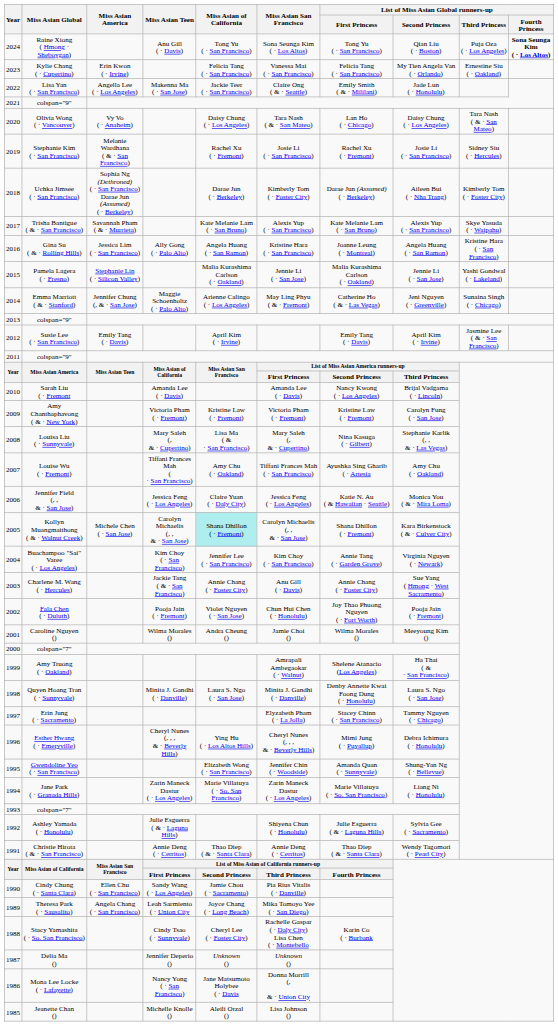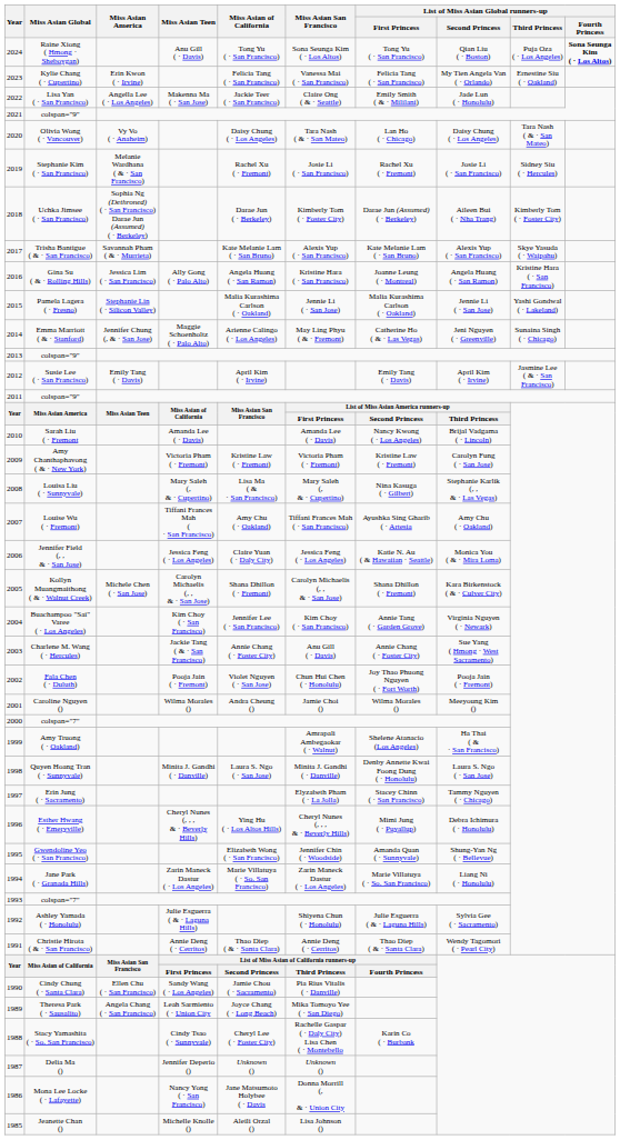 <table class="wikitable sortable" style="font-size: 70%; text-align:center">
 <tr>
 <th rowspan="2">Year</th>
 <th rowspan="2">Miss Asian Global</th>
 <th rowspan="2">Miss Asian America</th>
 <th rowspan="2">Miss Asian Teen</th>
 <th rowspan="2">Miss Asian of California</th>
 <th rowspan="2">Miss Asian San Francisco</th>
 <th colspan="4">List of Miss Asian Global runners-up</th>
 </tr>
 <tr>
 <th>First Princess</th>
 <th>Second Princess</th>
 <th>Third Princess</th>
 <th>Fourth Princess</th>
 </tr>
 <tr>
 <td>2024</td>
 <td>Raine Xiong<br>(<strong></strong> <a href='#'>Hmong</a> · <a href='#'>Sheboygan</a>)</td>
 <td></td>
 <td>Anu Gill<br>( · <a href='#'>Davis</a>)</td>
 <td>Tong Yu<br>( · <a href='#'>San Francisco</a>)</td>
 <td>Sona Seunga Kim<br>( · <a href='#'>Los Altos</a>)</td>
 <td>Tong Yu<br>( · <a href='#'>San Francisco</a>)</td>
 <td>Qian Liu<br>( · <a href='#'>Boston</a>)</td>
 <td>Puja Oza<br>( · <a href='#'>Los Angeles</a>)</td>
 <td><strong>Sona Seunga Kim<br>( · <a href='#'>Los Altos</a>)</strong></td>
 </tr>
 <tr>
 <td>2023</td>
 <td>Kylie Chang<br>( · <a href='#'>Cupertino</a>)</td>
 <td>Erin Kwon<br>( · <a href='#'>Irvine</a>)</td>
 <td></td>
 <td>Felicia Tang<br>( · <a href='#'>San Francisco</a>)</td>
 <td>Vanessa Mai<br>( · <a href='#'>San Francisco</a>)</td>
 <td>Felicia Tang<br>( · <a href='#'>San Francisco</a>)</td>
 <td>My Tien Angela Van<br>( · <a href='#'>Orlando</a>)</td>
 <td>Ernestine Siu<br>( · <a href='#'>Oakland</a>)</td>
 <td></td>
 </tr>
 <tr>
 <td>2022</td>
 <td>Lisa Yan<br>( · <a href='#'>San Francisco</a>)</td>
 <td>Angella Lee<br>( · <a href='#'>Los Angeles</a>)</td>
 <td>Makenna Ma<br>( · <a href='#'>San Jose</a>)</td>
 <td>Jackie Teer<br>( · <a href='#'>San Francisco</a>)</td>
 <td>Claire Ong<br>( &  · <a href='#'>Seattle</a>)</td>
 <td>Emily Smith<br>( &  · <a href='#'>Mililani</a>)</td>
 <td>Jade Lun<br>( · <a href='#'>Honolulu</a>)</td>
 <td></td>
 </tr>
 <tr>
 <td>2021</td>
 <td>colspan="9" </td>
 </tr>
 <tr>
 <td>2020</td>
 <td>Olivia Wong<br>( · <a href='#'>Vancouver</a>)</td>
 <td>Vy Vo<br>( · <a href='#'>Anaheim</a>)</td>
 <td></td>
 <td>Daisy Chung<br>( · <a href='#'>Los Angeles</a>)</td>
 <td>Tara Nash<br>( &  · <a href='#'>San Mateo</a>)</td>
 <td>Lan Ho<br>( · <a href='#'>Chicago</a>)</td>
 <td>Daisy Chung<br>( · <a href='#'>Los Angeles</a>)</td>
 <td>Tara Nash<br>( &  · <a href='#'>San Mateo</a>)</td>
 <td></td>
 </tr>
 <tr>
 <td>2019</td>
 <td>Stephanie Kim<br>( · <a href='#'>San Francisco</a>)</td>
 <td>Melanie Wardhana<br>( &  · <a href='#'>San Francisco</a>)</td>
 <td></td>
 <td>Rachel Xu<br>( · <a href='#'>Fremont</a>)</td>
 <td>Josie Li<br>( · <a href='#'>San Francisco</a>)</td>
 <td>Rachel Xu<br>( · <a href='#'>Fremont</a>)</td>
 <td>Josie Li<br>( · <a href='#'>San Francisco</a>)</td>
 <td>Sidney Siu<br>( · <a href='#'>Hercules</a>)</td>
 <td></td>
 </tr>
 <tr>
 <td>2018</td>
 <td>Uchka Jimsee<br>( · <a href='#'>San Francisco</a>)</td>
 <td>Sophia Ng <em>(Dethroned)</em><br>( · <a href='#'>San Francisco</a>)<br>Darae Jun <em>(Assumed)</em><br>( · <a href='#'>Berkeley</a>)</td>
 <td></td>
 <td>Darae Jun<br>( · <a href='#'>Berkeley</a>)</td>
 <td>Kimberly Tom<br>( · <a href='#'>Foster City</a>)</td>
 <td>Darae Jun <em>(Assumed)</em><br>( · <a href='#'>Berkeley</a>)</td>
 <td>Aileen Bui<br>( · <a href='#'>Nha Trang</a>)</td>
 <td>Kimberly Tom<br>( · <a href='#'>Foster City</a>)</td>
 <td></td>
 </tr>
 <tr>
 <td>2017</td>
 <td>Trisha Bantigue<br>( &  · <a href='#'>San Francisco</a>)</td>
 <td>Savannah Pham<br>( &  · <a href='#'>Murrieta</a>)</td>
 <td></td>
 <td>Kate Melanie Lam<br>( · <a href='#'>San Bruno</a>)</td>
 <td>Alexis Yup<br>( · <a href='#'>San Francisco</a>)</td>
 <td>Kate Melanie Lam<br>( · <a href='#'>San Bruno</a>)</td>
 <td>Alexis Yup<br>( · <a href='#'>San Francisco</a>)</td>
 <td>Skye Yasuda<br>( · <a href='#'>Waipahu</a>)</td>
 <td></td>
 </tr>
 <tr>
 <td>2016</td>
 <td>Gina Su<br>( &  · <a href='#'>Rolling Hills</a>)</td>
 <td>Jessica Lim<br>( · <a href='#'>San Francisco</a>)</td>
 <td>Ally Gong<br>( · <a href='#'>Palo Alto</a>)</td>
 <td>Angela Huang<br>( · <a href='#'>San Ramon</a>)</td>
 <td>Kristine Hara<br>( · <a href='#'>San Francisco</a>)</td>
 <td>Joanne Leung<br>( · <a href='#'>Montreal</a>)</td>
 <td>Angela Huang<br>( · <a href='#'>San Ramon</a>)</td>
 <td>Kristine Hara<br>( · <a href='#'>San Francisco</a>)</td>
 <td></td>
 </tr>
 <tr>
 <td>2015</td>
 <td>Pamela Lagera<br>( · <a href='#'>Fresno</a>)</td>
 <td><a href='#'>Stephanie Lin</a><br>( · <a href='#'>Silicon Valley</a>)</td>
 <td></td>
 <td>Malia Kurashima Carlson<br>( · <a href='#'>Oakland</a>)</td>
 <td>Jennie Li<br>( · <a href='#'>San Jose</a>)</td>
 <td>Malia Kurashima Carlson<br>( · <a href='#'>Oakland</a>)</td>
 <td>Jennie Li<br>( · <a href='#'>San Jose</a>)</td>
 <td>Yashi Gondwal<br>( · <a href='#'>Lakeland</a>)</td>
 <td></td>
 </tr>
 <tr>
 <td>2014</td>
 <td>Emma Marriott<br>( &  · <a href='#'>Stanford</a>)</td>
 <td>Jennifer Chung<br>(,  &  · <a href='#'>San Jose</a>)</td>
 <td>Maggie Schoenholtz<br>( · <a href='#'>Palo Alto</a>)</td>
 <td>Arienne Calingo<br>( · <a href='#'>Los Angeles</a>)</td>
 <td>May Ling Phyu<br>( &  · <a href='#'>Fremont</a>)</td>
 <td>Catherine Ho<br>( &  · <a href='#'>Las Vegas</a>)</td>
 <td>Jeni Nguyen<br>( · <a href='#'>Greenville</a>)</td>
 <td>Sunaina Singh<br>( · <a href='#'>Chicago</a>)</td>
 <td></td>
 </tr>
 <tr>
 <td>2013</td>
 <td>colspan="9" </td>
 </tr>
 <tr>
 <td>2012</td>
 <td>Susie Lee<br>( · <a href='#'>San Francisco</a>)</td>
 <td>Emily Tang<br>( · <a href='#'>Davis</a>)</td>
 <td></td>
 <td>April Kim<br>( · <a href='#'>Irvine</a>)</td>
 <td></td>
 <td>Emily Tang<br>( · <a href='#'>Davis</a>)</td>
 <td>April Kim<br>( · <a href='#'>Irvine</a>)</td>
 <td>Jasmine Lee<br>( &  · <a href='#'>San Francisco</a>)</td>
 <td></td>
 </tr>
 <tr>
 <td>2011</td>
 <td>colspan="9" </td>
 </tr>
 <tr class="wikitable sortable" style="font-size: 80%; text-align:center">
 <th rowspan="2">Year</th>
 <th rowspan="2">Miss Asian America</th>
 <th rowspan="2">Miss Asian Teen</th>
 <th rowspan="2">Miss Asian of California</th>
 <th rowspan="2">Miss Asian San Francisco</th>
 <th colspan="3">List of Miss Asian America runners-up</th>
 <td colspan="2" rowspan="22"></td>
 </tr>
 <tr>
 <th>First Princess</th>
 <th>Second Princess</th>
 <th>Third Princess</th>
 </tr>
 <tr>
 <td>2010</td>
 <td>Sarah Liu<br>( · <a href='#'>Fremont</a></td>
 <td></td>
 <td>Amanda Lee<br>( · <a href='#'>Davis</a>)</td>
 <td></td>
 <td>Amanda Lee<br>( · <a href='#'>Davis</a>)</td>
 <td>Nancy Kwong<br>( · <a href='#'>Los Angeles</a>)</td>
 <td>Brijal Vadgama<br>( · <a href='#'>Lincoln</a>)</td>
 </tr>
 <tr>
 <td>2009</td>
 <td>Amy Chanthaphavong<br>( &  · <a href='#'>New York</a>)</td>
 <td></td>
 <td>Victoria Pham<br>( · <a href='#'>Fremont</a>)</td>
 <td>Kristine Law<br>( · <a href='#'>Fremont</a>)</td>
 <td>Victoria Pham<br>( · <a href='#'>Fremont</a>)</td>
 <td>Kristine Law<br>( · <a href='#'>Fremont</a>)</td>
 <td>Carolyn Fung<br>( · <a href='#'>San Jose</a>)</td>
 </tr>
 <tr>
 <td>2008</td>
 <td>Louisa Liu<br>( · <a href='#'>Sunnyvale</a>)</td>
 <td></td>
 <td>Mary Saleh<br>(, <br>&  · <a href='#'>Cupertino</a>)</td>
 <td>Lisa Ma<br>( & <br>· <a href='#'>San Francisco</a>)</td>
 <td>Mary Saleh<br>(, <br>&  · <a href='#'>Cupertino</a>)</td>
 <td>Nina Kasuga<br>( · <a href='#'>Gilbert</a>)</td>
 <td>Stephanie Karlik<br>(, , <br>&  · <a href='#'>Las Vegas</a>)</td>
 </tr>
 <tr>
 <td>2007</td>
 <td>Louise Wu<br>( · <a href='#'>Fremont</a>)</td>
 <td></td>
 <td>Tiffani Frances Mah<br>(<br>· <a href='#'>San Francisco</a>)</td>
 <td>Amy Chu<br>( · <a href='#'>Oakland</a>)</td>
 <td>Tiffani Frances Mah<br>( · <a href='#'>San Francisco</a>)</td>
 <td>Ayushka Sing Gharib<br>( · <a href='#'>Artesia</a></td>
 <td>Amy Chu<br>( · <a href='#'>Oakland</a>)</td>
 </tr>
 <tr>
 <td>2006</td>
 <td>Jennifer Field<br>(, , <br>&  · <a href='#'>San Jose</a>)</td>
 <td></td>
 <td>Jessica Feng<br>( · <a href='#'>Los Angeles</a>)</td>
 <td>Claire Yuan<br>( · <a href='#'>Daly City</a>)</td>
 <td>Jessica Feng<br>( · <a href='#'>Los Angeles</a>)</td>
 <td>Katie N. Au<br>( & <a href='#'>Hawaiian</a> · <a href='#'>Seattle</a>)</td>
 <td>Monica You<br>( &  · <a href='#'>Mira Loma</a>)</td>
 </tr>
 <tr>
 <td>2005</td>
 <td>Kollyn Muangmaithong<br>( &  · <a href='#'>Walnut Creek</a>)</td>
 <td>Michele Chen<br>( · <a href='#'>San Jose</a>)</td>
 <td>Carolyn Michaelis<br>(, ,<br>&  · <a href='#'>San Jose</a>)</td>
-<td style="background: paleturquoise;">Shana Dhillon<br>( · <a href='#'>Fremont</a>)</td>
+<td>Shana Dhillon<br>( · <a href='#'>Fremont</a>)</td>
 <td>Carolyn Michaelis<br>(, ,<br>&  · <a href='#'>San Jose</a>)</td>
 <td>Shana Dhillon<br>( · <a href='#'>Fremont</a>)</td>
 <td>Kara Birkenstock<br>( &  · <a href='#'>Culver City</a>)</td>
 </tr>
 <tr>
 <td>2004</td>
 <td>Buachampoo "Sai" Varee<br>( · <a href='#'>Los Angeles</a>)</td>
 <td></td>
 <td>Kim Choy<br>( · <a href='#'>San Francisco</a>)</td>
 <td>Jennifer Lee<br>( · <a href='#'>San Francisco</a>)</td>
 <td>Kim Choy<br>( · <a href='#'>San Francisco</a>)</td>
 <td>Annie Tang<br>( · <a href='#'>Garden Grove</a>)</td>
 <td>Virginia Nguyen<br>( · <a href='#'>Newark</a>)</td>
 </tr>
 <tr>
 <td>2003</td>
 <td>Charlene M. Wang<br>( · <a href='#'>Hercules</a>)</td>
 <td></td>
 <td>Jackie Tang<br>( &  · <a href='#'>San Francisco</a>)</td>
 <td>Annie Chang<br>( · <a href='#'>Foster City</a>)</td>
 <td>Anu Gill<br>( · <a href='#'>Davis</a>)</td>
 <td>Annie Chang<br>( · <a href='#'>Foster City</a>)</td>
 <td>Sue Yang<br>(<strong></strong> <a href='#'>Hmong</a> · <a href='#'>West Sacramento</a>)</td>
 </tr>
 <tr>
 <td>2002</td>
 <td><a href='#'>Fala Chen</a><br>( · <a href='#'>Duluth</a>)</td>
 <td></td>
 <td>Pooja Jain<br>( · <a href='#'>Fremont</a>)</td>
 <td>Violet Nguyen<br>( · <a href='#'>San Jose</a>)</td>
 <td>Chun Hui Chen<br>( · <a href='#'>Honolulu</a>)</td>
 <td>Joy Thao Phuong Nguyen<br>( · <a href='#'>Fort Worth</a>)</td>
 <td>Pooja Jain<br>( · <a href='#'>Fremont</a>)</td>
 </tr>
 <tr>
 <td>2001</td>
 <td>Caroline Nguyen<br>(<em></em>)</td>
 <td></td>
 <td>Wilma Morales<br>(<em></em>)</td>
 <td>Andra Cheung<br>(<em></em>)</td>
 <td>Jamie Choi<br>(<em></em>)</td>
 <td>Wilma Morales<br>(<em></em>)</td>
 <td>Meeyoung Kim<br>(<em></em>)</td>
 </tr>
 <tr>
 <td>2000</td>
 <td>colspan="7" </td>
 </tr>
 <tr>
 <td>1999</td>
 <td>Amy Truong<br>( · <a href='#'>Oakland</a>)</td>
 <td></td>
 <td></td>
 <td></td>
 <td>Amrapali Ambegaokar<br>( · <a href='#'>Walnut</a>)</td>
 <td>Shelene Atanacio<br>(<a href='#'>Los Angeles</a>)</td>
 <td>Ha Thai<br>( & <br>· <a href='#'>San Francisco</a>)</td>
 </tr>
 <tr>
 <td>1998</td>
 <td>Quyen Hoang Tran<br>( · <a href='#'>Sunnyvale</a>)</td>
 <td></td>
 <td>Minita J. Gandhi<br>( · <a href='#'>Danville</a>)</td>
 <td>Laura S. Ngo<br>( · <a href='#'>San Jose</a>)</td>
 <td>Minita J. Gandhi<br>( · <a href='#'>Danville</a>)</td>
 <td>Denby Annette Kwai Foong Dung<br>( · <a href='#'>Honolulu</a>)</td>
 <td>Laura S. Ngo<br>( · <a href='#'>San Jose</a>)</td>
 </tr>
 <tr>
 <td>1997</td>
 <td>Erin Jung<br>( · <a href='#'>Sacramento</a>)</td>
 <td></td>
 <td></td>
 <td></td>
 <td>Elyzabeth Pham<br>( · <a href='#'>La Jolla</a>)</td>
 <td>Stacey Chinn<br>( · <a href='#'>San Francisco</a>)</td>
 <td>Tammy Nguyen<br>( · <a href='#'>Chicago</a>)</td>
 </tr>
 <tr>
 <td>1996</td>
 <td><a href='#'>Esther Hwang</a><br>( · <a href='#'>Emeryville</a>)</td>
 <td></td>
 <td>Cheryl Nunes<br>(, , ,<br>&  · <a href='#'>Beverly Hills</a>)</td>
 <td>Ying Hu<br>( · <a href='#'>Los Altos Hills</a>)</td>
 <td>Cheryl Nunes<br>(, , ,<br>&  · <a href='#'>Beverly Hills</a>)</td>
 <td>Mimi Jung<br>( · <a href='#'>Puyallup</a>)</td>
 <td>Debra Ichimura<br>( · <a href='#'>Honolulu</a>)</td>
 </tr>
 <tr>
 <td>1995</td>
 <td><a href='#'>Gwendoline Yeo</a><br>( · <a href='#'>San Francisco</a>)</td>
 <td></td>
 <td></td>
 <td>Elizabeth Wong<br>( · <a href='#'>San Francisco</a>)</td>
 <td>Jennifer Chin<br>( · <a href='#'>Woodside</a>)</td>
 <td>Amanda Quan<br>( · <a href='#'>Sunnyvale</a>)</td>
 <td>Shung-Yan Ng<br>( · <a href='#'>Bellevue</a>)</td>
 </tr>
 <tr>
 <td>1994</td>
 <td>Jane Park<br>( · <a href='#'>Granada Hills</a>)</td>
 <td></td>
 <td>Zarin Maneck Dastur<br>( · <a href='#'>Los Angeles</a>)</td>
 <td>Marie Villatuya<br>( · <a href='#'>So. San Francisco</a>)</td>
 <td>Zarin Maneck Dastur<br>( · <a href='#'>Los Angeles</a>)</td>
 <td>Marie Villatuya<br>( · <a href='#'>So. San Francisco</a>)</td>
 <td>Liang Ni<br>( · <a href='#'>Honolulu</a>)</td>
 </tr>
 <tr>
 <td>1993</td>
 <td>colspan="7" </td>
 </tr>
 <tr>
 <td>1992</td>
 <td>Ashley Yamada<br>( · <a href='#'>Honolulu</a>)</td>
 <td></td>
 <td>Julie Esguerra<br>( &  · <a href='#'>Laguna Hills</a>)</td>
 <td></td>
 <td>Shiyena Chun<br>( · <a href='#'>Honolulu</a>)</td>
 <td>Julie Esguerra<br>( &  · <a href='#'>Laguna Hills</a>)</td>
 <td>Sylvia Gee<br>( · <a href='#'>Sacramento</a>)</td>
 </tr>
 <tr>
 <td>1991</td>
 <td>Christie Hirota<br>( &  · <a href='#'>San Francisco</a>)</td>
 <td></td>
 <td>Annie Deng<br>( · <a href='#'>Cerritos</a>)</td>
 <td>Thao Diep<br>( &  · <a href='#'>Santa Clara</a>)</td>
 <td>Annie Deng<br>( · <a href='#'>Cerritos</a>)</td>
 <td>Thao Diep<br>( &  · <a href='#'>Santa Clara</a>)</td>
 <td>Wendy Tagomori<br>( · <a href='#'>Pearl City</a>)</td>
 </tr>
 <tr class="wikitable sortable" style="font-size: 80%; text-align:center">
 <th rowspan="2">Year</th>
 <th rowspan="2">Miss Asian of California</th>
 <th rowspan="2">Miss Asian San Francisco</th>
 <th colspan="4">List of Miss Asian of California runners-up</th>
 <td colspan="3" rowspan="8"></td>
 </tr>
 <tr>
 <th><strong>First Princess</strong></th>
 <th>Second Princess</th>
 <th>Third Princess</th>
 <th>Fourth Princess</th>
 </tr>
 <tr>
 <td>1990</td>
 <td>Cindy Chung<br>( · <a href='#'>Santa Clara</a>)</td>
 <td>Ellen Chu<br>( · <a href='#'>San Francisco</a>)</td>
 <td>Sandy Wang<br>( · <a href='#'>Los Angeles</a>)</td>
 <td>Jamie Chou<br>( · <a href='#'>Sacramento</a>)</td>
 <td>Pia Rius Vitalis<br>( · <a href='#'>Danville</a>)</td>
 <td></td>
 </tr>
 <tr>
 <td>1989</td>
 <td>Theresa Park<br>( · <a href='#'>Sausalito</a>)</td>
 <td>Angela Chang<br>( · <a href='#'>San Francisco</a>)</td>
 <td>Leah Sarmiento<br>( · <a href='#'>Union City</a></td>
 <td>Joyce Chang<br>( · <a href='#'>Long Beach</a>)</td>
 <td>Mika Tomoyo Yee<br>( · <a href='#'>San Diego</a>)</td>
 <td></td>
 </tr>
 <tr>
 <td>1988</td>
 <td>Stacy Yamashita<br>( · <a href='#'>So. San Francisco</a>)</td>
 <td></td>
 <td>Cindy Tsao<br>( · <a href='#'>Sunnyvale</a>)</td>
 <td>Cheryl Lee<br>( · <a href='#'>Foster City</a>)</td>
 <td>Rachelle Gaspar<br>( · <a href='#'>Daly City</a>)<br>Lisa Chen<br>( · <a href='#'>Montebello</a></td>
 <td>Karin Co<br>( · <a href='#'>Burbank</a></td>
 </tr>
 <tr>
 <td>1987</td>
 <td>Delia Ma<br>(<em></em>)</td>
 <td></td>
 <td>Jennifer Deperio<br>(<em></em>)</td>
 <td><em>Unknown</em><br>(<em></em>)</td>
 <td><em>Unknown</em><br>(<em></em>)</td>
 <td></td>
 </tr>
 <tr>
 <td>1986</td>
 <td>Mona Lee Locke<br>( · <a href='#'>Lafayette</a>)</td>
 <td></td>
 <td>Nancy Yong<br>( · <a href='#'>San Francisco</a>)</td>
 <td>Jane Matsumoto Holybee<br>( · <a href='#'>Davis</a></td>
 <td>Donna Morrill<br>(, <br><br>&  · <a href='#'>Union City</a></td>
 <td></td>
 </tr>
 <tr>
 <td>1985</td>
 <td>Jeanette Chan<br>(<em></em>)</td>
 <td></td>
 <td>Michelle Knolle<br>(<em></em>)</td>
 <td>Aleili Orzal<br>(<em></em>)</td>
 <td>Lisa Johnson<br>(<em></em>)</td>
 <td></td>
 </tr>
 </table>
